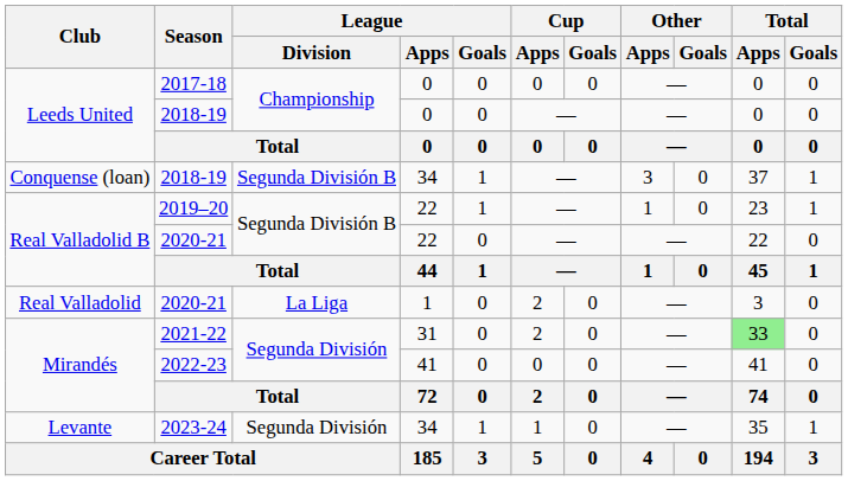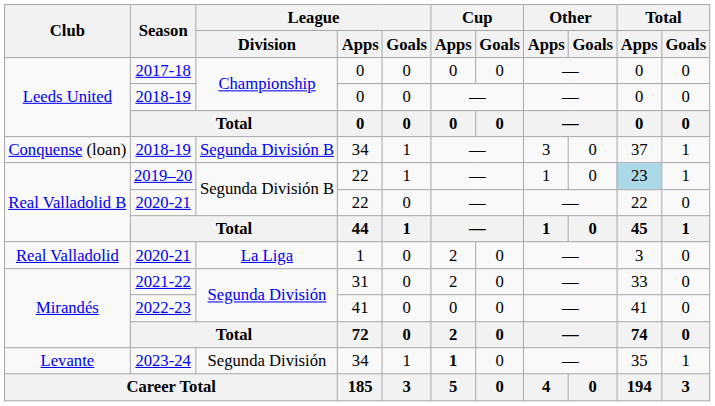 <table class="wikitable" border="1" style="text-align: center;">
 <tr>
 <th rowspan="2">Club</th>
 <th rowspan="2">Season</th>
 <th colspan="3">League</th>
 <th colspan="2">Cup</th>
 <th colspan="2">Other</th>
 <th colspan="2">Total</th>
 </tr>
 <tr>
 <th>Division</th>
 <th>Apps</th>
 <th>Goals</th>
 <th>Apps</th>
 <th>Goals</th>
 <th>Apps</th>
 <th>Goals</th>
 <th>Apps</th>
 <th>Goals</th>
 </tr>
 <tr>
 <td rowspan="3"><a href='#'>Leeds United</a></td>
 <td><a href='#'>2017-18</a></td>
 <td rowspan="2"><a href='#'>Championship</a></td>
 <td>0</td>
 <td>0</td>
 <td>0</td>
 <td>0</td>
 <td colspan="2">—</td>
 <td>0</td>
 <td>0</td>
 </tr>
 <tr>
 <td><a href='#'>2018-19</a></td>
 <td>0</td>
 <td>0</td>
 <td colspan="2">—</td>
 <td colspan="2">—</td>
 <td>0</td>
 <td>0</td>
 </tr>
 <tr>
 <th colspan="2">Total</th>
 <th>0</th>
 <th>0</th>
 <th>0</th>
 <th>0</th>
 <th colspan="2">—</th>
 <th>0</th>
 <th>0</th>
 </tr>
 <tr>
 <td><a href='#'>Conquense</a> (loan)</td>
 <td><a href='#'>2018-19</a></td>
 <td><a href='#'>Segunda División B</a></td>
 <td>34</td>
 <td>1</td>
 <td colspan="2">—</td>
 <td>3</td>
 <td>0</td>
 <td>37</td>
 <td>1</td>
 </tr>
 <tr>
 <td rowspan="3"><a href='#'>Real Valladolid B</a></td>
 <td><a href='#'>2019–20</a></td>
 <td rowspan="2">Segunda División B</td>
 <td>22</td>
 <td>1</td>
 <td colspan="2">—</td>
 <td>1</td>
 <td>0</td>
-<td>23</td>
+<td style="background: lightblue;">23</td>
 <td>1</td>
 </tr>
 <tr>
 <td><a href='#'>2020-21</a></td>
 <td>22</td>
 <td>0</td>
 <td colspan="2">—</td>
 <td colspan="2">—</td>
 <td>22</td>
 <td>0</td>
 </tr>
 <tr>
 <th colspan="2">Total</th>
 <th>44</th>
 <th>1</th>
 <th colspan="2">—</th>
 <th>1</th>
 <th>0</th>
 <th>45</th>
 <th>1</th>
 </tr>
 <tr>
 <td><a href='#'>Real Valladolid</a></td>
 <td><a href='#'>2020-21</a></td>
 <td><a href='#'>La Liga</a></td>
 <td>1</td>
 <td>0</td>
 <td>2</td>
 <td>0</td>
 <td colspan="2">—</td>
 <td>3</td>
 <td>0</td>
 </tr>
 <tr>
 <td rowspan="3"><a href='#'>Mirandés</a></td>
 <td><a href='#'>2021-22</a></td>
 <td rowspan="2"><a href='#'>Segunda División</a></td>
 <td>31</td>
 <td>0</td>
 <td>2</td>
 <td>0</td>
 <td colspan="2">—</td>
-<td style="background: lightgreen;">33</td>
+<td>33</td>
 <td>0</td>
 </tr>
 <tr>
 <td><a href='#'>2022-23</a></td>
 <td>41</td>
 <td>0</td>
 <td>0</td>
 <td>0</td>
 <td colspan="2">—</td>
 <td>41</td>
 <td>0</td>
 </tr>
 <tr>
 <th colspan="2">Total</th>
 <th>72</th>
 <th>0</th>
 <th>2</th>
 <th>0</th>
 <th colspan="2">—</th>
 <th>74</th>
 <th>0</th>
 </tr>
 <tr>
 <td><a href='#'>Levante</a></td>
 <td><a href='#'>2023-24</a></td>
 <td>Segunda División</td>
 <td>34</td>
 <td>1</td>
-<td>1</td>
+<td><strong>1</strong></td>
 <td>0</td>
 <td colspan="2">—</td>
 <td>35</td>
 <td>1</td>
 </tr>
 <tr>
 <th colspan="3">Career Total</th>
 <th>185</th>
 <th>3</th>
 <th>5</th>
 <th>0</th>
 <th>4</th>
 <th>0</th>
 <th>194</th>
 <th>3</th>
 </tr>
 </table>
